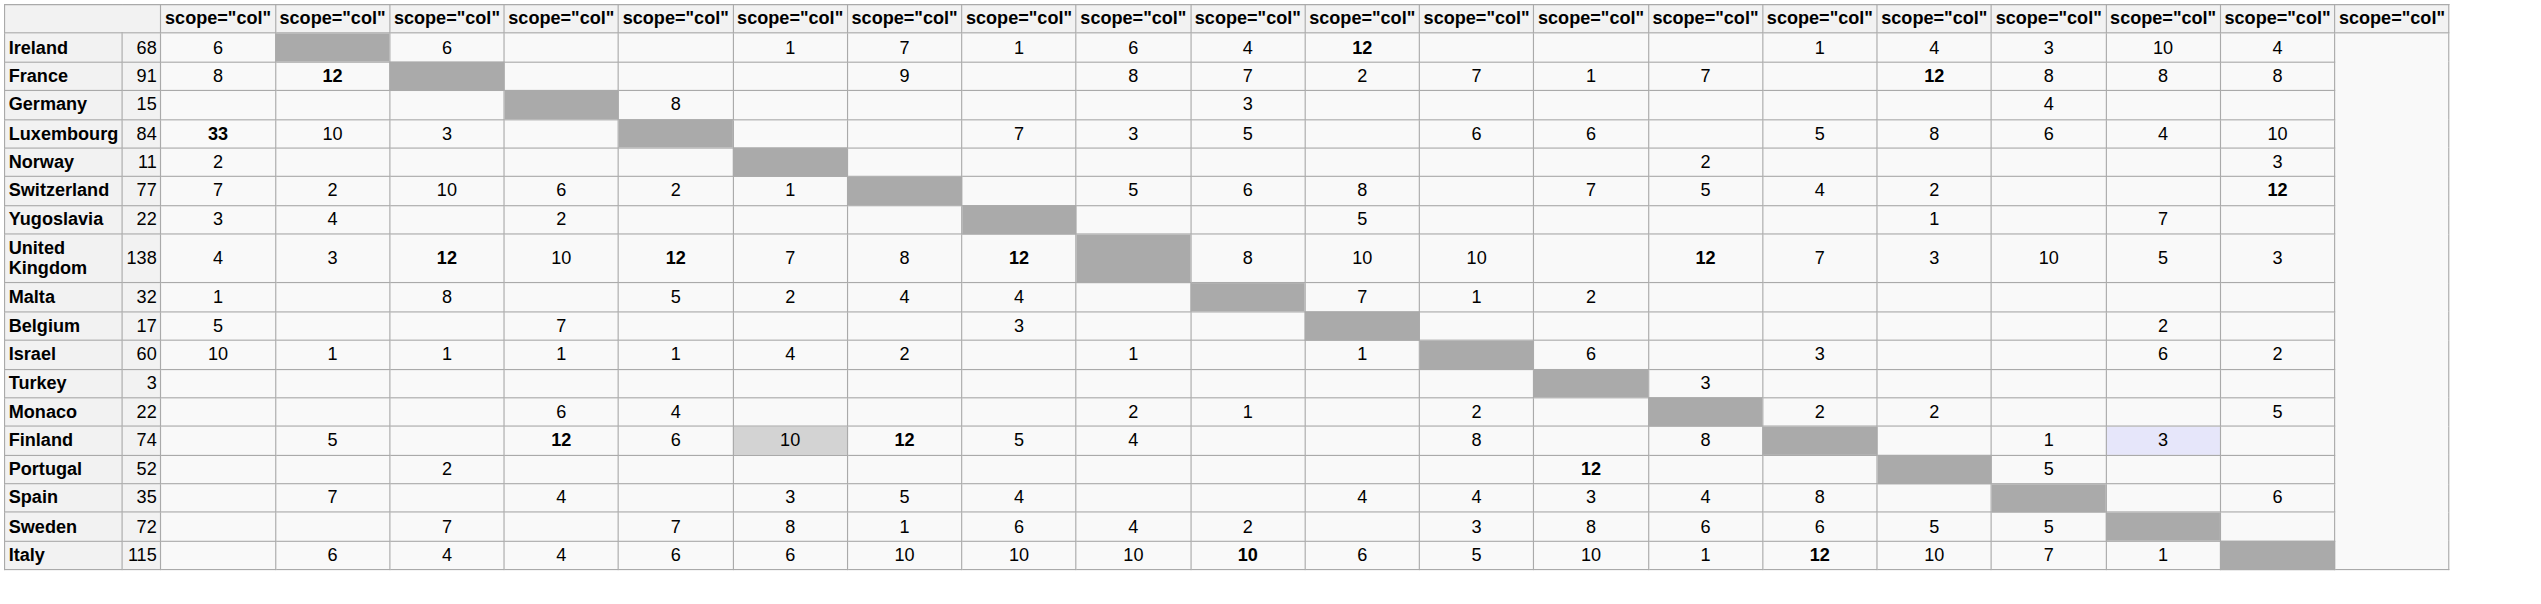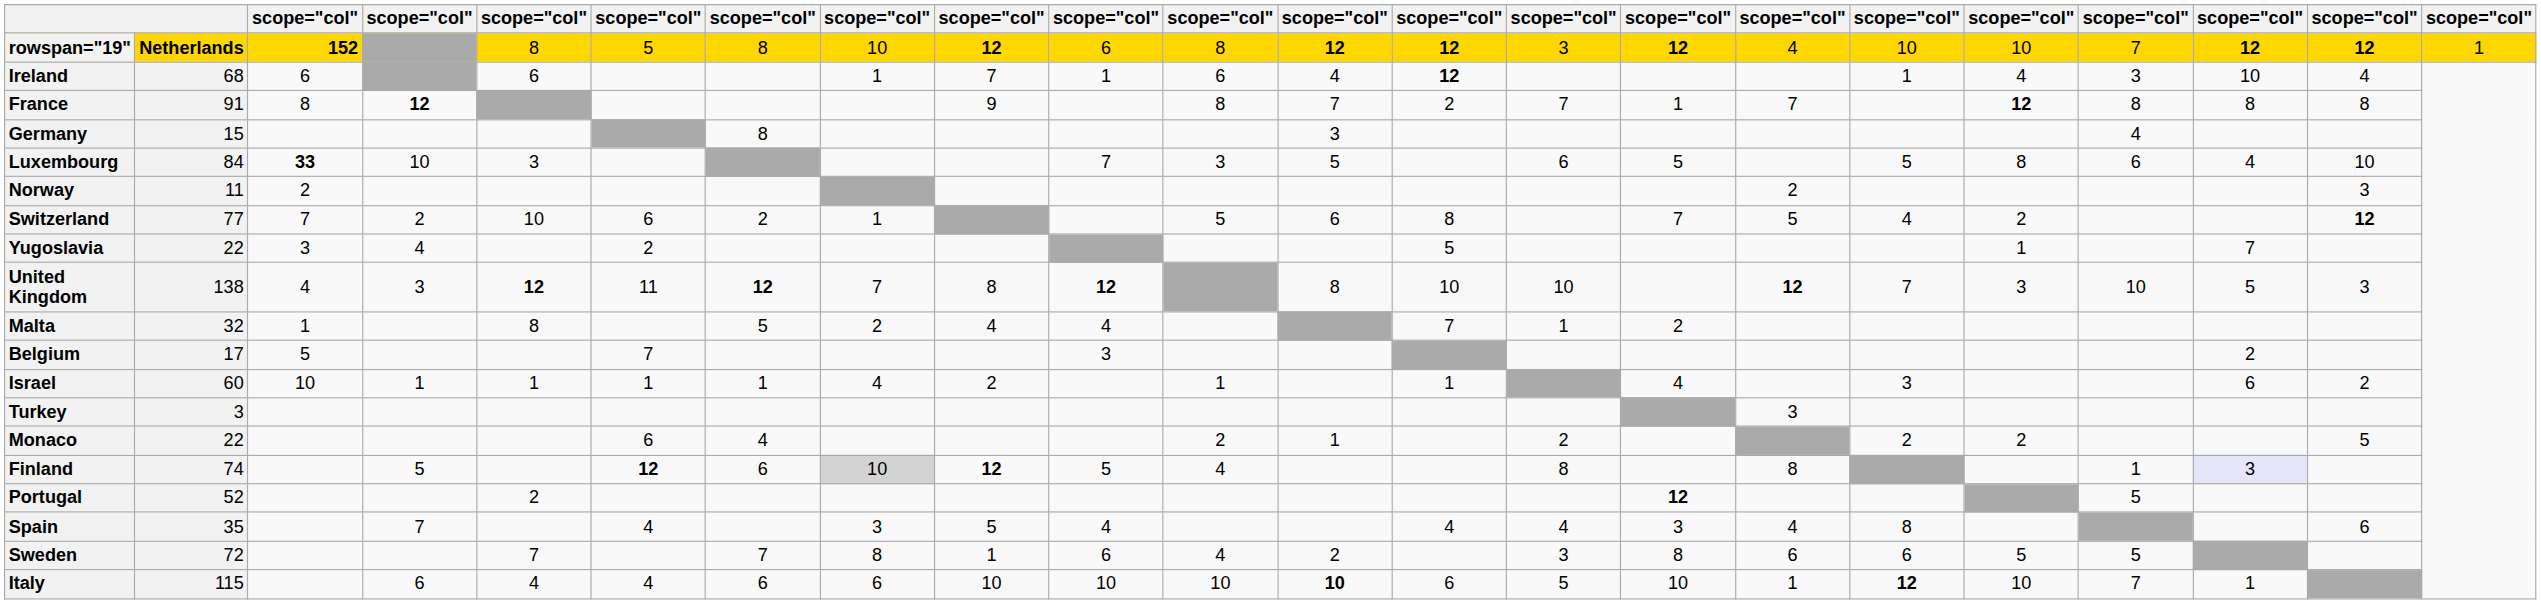 <table class="wikitable plainrowheaders" style="text-align:center;">
 <tr>
 </tr>
 <tr>
 <th colspan="2"></th>
 <th>scope="col" </th>
 <th>scope="col" </th>
 <th>scope="col" </th>
 <th>scope="col" </th>
 <th>scope="col" </th>
 <th>scope="col" </th>
 <th>scope="col" </th>
 <th>scope="col" </th>
 <th>scope="col" </th>
 <th>scope="col" </th>
 <th>scope="col" </th>
 <th>scope="col" </th>
 <th>scope="col" </th>
 <th>scope="col" </th>
 <th>scope="col" </th>
 <th>scope="col" </th>
 <th>scope="col" </th>
 <th>scope="col" </th>
 <th>scope="col" </th>
 <th>scope="col" </th>
+</tr>
+<tr style="background:gold;">
+<th>rowspan="19" </th>
+<th scope="row" style="text-align:left; font-weight:bold; background:gold;">Netherlands</th>
+<td style="text-align:right; font-weight:bold;">152</td>
+<td style="text-align:left; background:#aaa;"></td>
+<td>8</td>
+<td>5</td>
+<td>8</td>
+<td>10</td>
+<td><strong>12</strong></td>
+<td>6</td>
+<td>8</td>
+<td><strong>12</strong></td>
+<td><strong>12</strong></td>
+<td>3</td>
+<td><strong>12</strong></td>
+<td>4</td>
+<td>10</td>
+<td>10</td>
+<td>7</td>
+<td><strong>12</strong></td>
+<td><strong>12</strong></td>
+<td>1</td>
 </tr>
 <tr>
 <th scope="row" style="text-align:left; background:#f2f2f2;">Ireland</th>
 <td style="text-align:right; background:#f2f2f2;">68</td>
 <td>6</td>
 <td style="text-align:left; background:#aaa;"></td>
 <td>6</td>
 <td></td>
 <td></td>
 <td>1</td>
 <td>7</td>
 <td>1</td>
 <td>6</td>
 <td>4</td>
 <td><strong>12</strong></td>
 <td></td>
 <td></td>
 <td></td>
 <td>1</td>
 <td>4</td>
 <td>3</td>
 <td>10</td>
 <td>4</td>
 </tr>
 <tr>
 <th scope="row" style="text-align:left; background:#f2f2f2;">France</th>
 <td style="text-align:right; background:#f2f2f2;">91</td>
 <td>8</td>
 <td><strong>12</strong></td>
 <td style="text-align:left; background:#aaa;"></td>
 <td></td>
 <td></td>
 <td></td>
 <td>9</td>
 <td></td>
 <td>8</td>
 <td>7</td>
 <td>2</td>
 <td>7</td>
 <td>1</td>
 <td>7</td>
 <td></td>
 <td><strong>12</strong></td>
 <td>8</td>
 <td>8</td>
 <td>8</td>
 </tr>
 <tr>
 <th scope="row" style="text-align:left; background:#f2f2f2;">Germany</th>
 <td style="text-align:right; background:#f2f2f2;">15</td>
 <td></td>
 <td></td>
 <td></td>
 <td style="text-align:left; background:#aaa;"></td>
 <td>8</td>
 <td></td>
 <td></td>
 <td></td>
 <td></td>
 <td>3</td>
 <td></td>
 <td></td>
 <td></td>
 <td></td>
 <td></td>
 <td></td>
 <td>4</td>
 <td></td>
 <td></td>
 </tr>
 <tr>
 <th scope="row" style="text-align:left; background:#f2f2f2;">Luxembourg</th>
 <td style="text-align:right; background:#f2f2f2;">84</td>
 <td><strong>33</strong></td>
 <td>10</td>
 <td>3</td>
 <td></td>
 <td style="text-align:left; background:#aaa;"></td>
 <td></td>
 <td></td>
 <td>7</td>
 <td>3</td>
 <td>5</td>
 <td></td>
 <td>6</td>
-<td>6</td>
+<td>5</td>
 <td></td>
 <td>5</td>
 <td>8</td>
 <td>6</td>
 <td>4</td>
 <td>10</td>
 </tr>
 <tr>
 <th scope="row" style="text-align:left; background:#f2f2f2;">Norway</th>
 <td style="text-align:right; background:#f2f2f2;">11</td>
 <td>2</td>
 <td></td>
 <td></td>
 <td></td>
 <td></td>
 <td style="text-align:left; background:#aaa;"></td>
 <td></td>
 <td></td>
 <td></td>
 <td></td>
 <td></td>
 <td></td>
 <td></td>
 <td>2</td>
 <td></td>
 <td></td>
 <td></td>
 <td></td>
 <td>3</td>
 </tr>
 <tr>
 <th scope="row" style="text-align:left; background:#f2f2f2;">Switzerland</th>
 <td style="text-align:right; background:#f2f2f2;">77</td>
 <td>7</td>
 <td>2</td>
 <td>10</td>
 <td>6</td>
 <td>2</td>
 <td>1</td>
 <td style="text-align:left; background:#aaa;"></td>
 <td></td>
 <td>5</td>
 <td>6</td>
 <td>8</td>
 <td></td>
 <td>7</td>
 <td>5</td>
 <td>4</td>
 <td>2</td>
 <td></td>
 <td></td>
 <td><strong>12</strong></td>
 </tr>
 <tr>
 <th scope="row" style="text-align:left; background:#f2f2f2;">Yugoslavia</th>
 <td style="text-align:right; background:#f2f2f2;">22</td>
 <td>3</td>
 <td>4</td>
 <td></td>
 <td>2</td>
 <td></td>
 <td></td>
 <td></td>
 <td style="text-align:left; background:#aaa;"></td>
 <td></td>
 <td></td>
 <td>5</td>
 <td></td>
 <td></td>
 <td></td>
 <td></td>
 <td>1</td>
 <td></td>
 <td>7</td>
 <td></td>
 </tr>
 <tr>
 <th scope="row" style="text-align:left; background:#f2f2f2;">United Kingdom</th>
 <td style="text-align:right; background:#f2f2f2;">138</td>
 <td>4</td>
 <td>3</td>
 <td><strong>12</strong></td>
-<td>10</td>
+<td>11</td>
 <td><strong>12</strong></td>
 <td>7</td>
 <td>8</td>
 <td><strong>12</strong></td>
 <td style="text-align:left; background:#aaa;"></td>
 <td>8</td>
 <td>10</td>
 <td>10</td>
 <td></td>
 <td><strong>12</strong></td>
 <td>7</td>
 <td>3</td>
 <td>10</td>
 <td>5</td>
 <td>3</td>
 </tr>
 <tr>
 <th scope="row" style="text-align:left; background:#f2f2f2;">Malta</th>
 <td style="text-align:right; background:#f2f2f2;">32</td>
 <td>1</td>
 <td></td>
 <td>8</td>
 <td></td>
 <td>5</td>
 <td>2</td>
 <td>4</td>
 <td>4</td>
 <td></td>
 <td style="text-align:left; background:#aaa;"></td>
 <td>7</td>
 <td>1</td>
 <td>2</td>
 <td></td>
 <td></td>
 <td></td>
 <td></td>
 <td></td>
 <td></td>
 </tr>
 <tr>
 <th scope="row" style="text-align:left; background:#f2f2f2;">Belgium</th>
 <td style="text-align:right; background:#f2f2f2;">17</td>
 <td>5</td>
 <td></td>
 <td></td>
 <td>7</td>
 <td></td>
 <td></td>
 <td></td>
 <td>3</td>
 <td></td>
 <td></td>
 <td style="text-align:left; background:#aaa;"></td>
 <td></td>
 <td></td>
 <td></td>
 <td></td>
 <td></td>
 <td></td>
 <td>2</td>
 <td></td>
 </tr>
 <tr>
 <th scope="row" style="text-align:left; background:#f2f2f2;">Israel</th>
 <td style="text-align:right; background:#f2f2f2;">60</td>
 <td>10</td>
 <td>1</td>
 <td>1</td>
 <td>1</td>
 <td>1</td>
 <td>4</td>
 <td>2</td>
 <td></td>
 <td>1</td>
 <td></td>
 <td>1</td>
 <td style="text-align:left; background:#aaa;"></td>
-<td>6</td>
+<td>4</td>
 <td></td>
 <td>3</td>
 <td></td>
 <td></td>
 <td>6</td>
 <td>2</td>
 </tr>
 <tr>
 <th scope="row" style="text-align:left; background:#f2f2f2;">Turkey</th>
 <td style="text-align:right; background:#f2f2f2;">3</td>
 <td></td>
 <td></td>
 <td></td>
 <td></td>
 <td></td>
 <td></td>
 <td></td>
 <td></td>
 <td></td>
 <td></td>
 <td></td>
 <td></td>
 <td style="text-align:left; background:#aaa;"></td>
 <td>3</td>
 <td></td>
 <td></td>
 <td></td>
 <td></td>
 <td></td>
 </tr>
 <tr>
 <th scope="row" style="text-align:left; background:#f2f2f2;">Monaco</th>
 <td style="text-align:right; background:#f2f2f2;">22</td>
 <td></td>
 <td></td>
 <td></td>
 <td>6</td>
 <td>4</td>
 <td></td>
 <td></td>
 <td></td>
 <td>2</td>
 <td>1</td>
 <td></td>
 <td>2</td>
 <td></td>
 <td style="text-align:left; background:#aaa;"></td>
 <td>2</td>
 <td>2</td>
 <td></td>
 <td></td>
 <td>5</td>
 </tr>
 <tr>
 <th scope="row" style="text-align:left; background:#f2f2f2;">Finland</th>
 <td style="text-align:right; background:#f2f2f2;">74</td>
 <td></td>
 <td>5</td>
 <td></td>
 <td><strong>12</strong></td>
 <td>6</td>
 <td style="background: lightgrey;">10</td>
 <td><strong>12</strong></td>
 <td>5</td>
 <td>4</td>
 <td></td>
 <td></td>
 <td>8</td>
 <td></td>
 <td>8</td>
 <td style="text-align:left; background:#aaa;"></td>
 <td></td>
 <td>1</td>
 <td style="background: lavender;">3</td>
 <td></td>
 </tr>
 <tr>
 <th scope="row" style="text-align:left; background:#f2f2f2;">Portugal</th>
 <td style="text-align:right; background:#f2f2f2;">52</td>
 <td></td>
 <td></td>
 <td>2</td>
 <td></td>
 <td></td>
 <td></td>
 <td></td>
 <td></td>
 <td></td>
 <td></td>
 <td></td>
 <td></td>
 <td><strong>12</strong></td>
 <td></td>
 <td></td>
 <td style="text-align:left; background:#aaa;"></td>
 <td>5</td>
 <td></td>
 <td></td>
 </tr>
 <tr>
 <th scope="row" style="text-align:left; background:#f2f2f2;">Spain</th>
 <td style="text-align:right; background:#f2f2f2;">35</td>
 <td></td>
 <td>7</td>
 <td></td>
 <td>4</td>
 <td></td>
 <td>3</td>
 <td>5</td>
 <td>4</td>
 <td></td>
 <td></td>
 <td>4</td>
 <td>4</td>
 <td>3</td>
 <td>4</td>
 <td>8</td>
 <td></td>
 <td style="text-align:left; background:#aaa;"></td>
 <td></td>
 <td>6</td>
 </tr>
 <tr>
 <th scope="row" style="text-align:left; background:#f2f2f2;">Sweden</th>
 <td style="text-align:right; background:#f2f2f2;">72</td>
 <td></td>
 <td></td>
 <td>7</td>
 <td></td>
 <td>7</td>
 <td>8</td>
 <td>1</td>
 <td>6</td>
 <td>4</td>
 <td>2</td>
 <td></td>
 <td>3</td>
 <td>8</td>
 <td>6</td>
 <td>6</td>
 <td>5</td>
 <td>5</td>
 <td style="text-align:left; background:#aaa;"></td>
 <td></td>
 </tr>
 <tr>
 <th scope="row" style="text-align:left; background:#f2f2f2;">Italy</th>
 <td style="text-align:right; background:#f2f2f2;">115</td>
 <td></td>
 <td>6</td>
 <td>4</td>
 <td>4</td>
 <td>6</td>
 <td>6</td>
 <td>10</td>
 <td>10</td>
 <td>10</td>
 <td><strong>10</strong></td>
 <td>6</td>
 <td>5</td>
 <td>10</td>
 <td>1</td>
 <td><strong>12</strong></td>
 <td>10</td>
 <td>7</td>
 <td>1</td>
 <td style="text-align:left; background:#aaa;"></td>
 </tr>
 </table>
